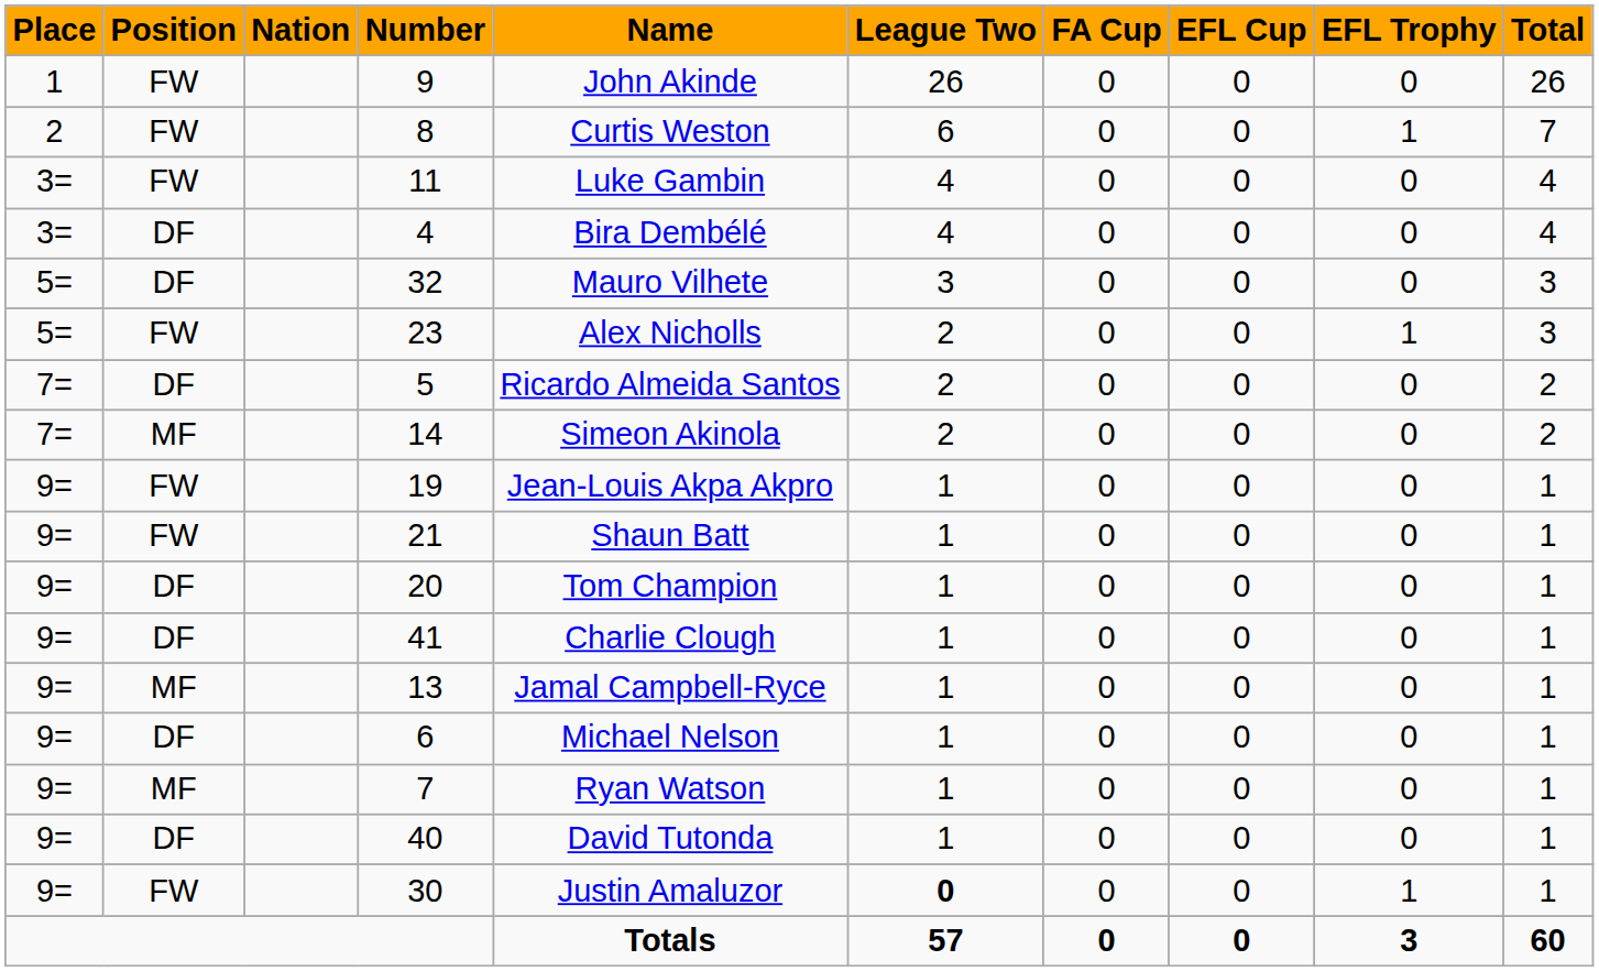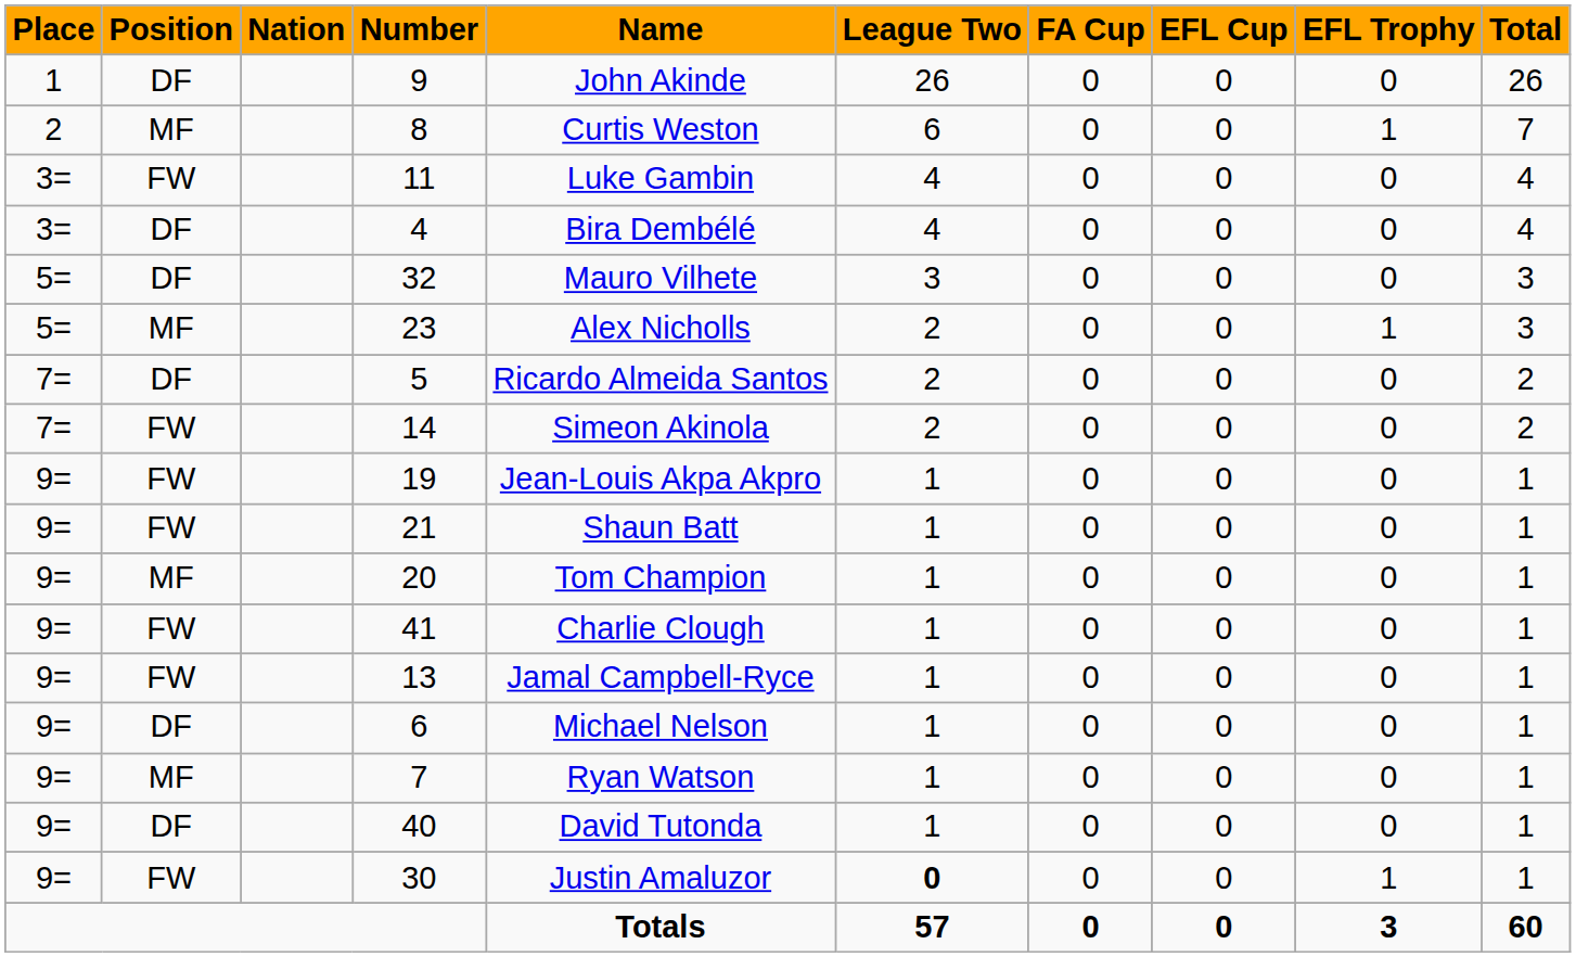 <table class="wikitable" style="width=100%; text-align:center;">
 <tr>
 <th style="background:orange; color:black;width=8%">Place</th>
 <th style="background:orange; color:black;width=8%">Position</th>
 <th style="background:orange; color:black;width=8%">Nation</th>
 <th style="background:orange; color:black;width=8%">Number</th>
 <th style="background:orange; color:black;width=14%">Name</th>
 <th style="background:orange; color:black;width=120">League Two</th>
 <th style="background:orange; color:black;width=120">FA Cup</th>
 <th style="background:orange; color:black;width=120">EFL Cup</th>
 <th style="background:orange; color:black;width=120">EFL Trophy</th>
 <th style="background:orange; color:black;width=120">Total</th>
 </tr>
 <tr>
 <td>1</td>
-<td>FW</td>
+<td>DF</td>
 <td></td>
 <td>9</td>
 <td><a href='#'>John Akinde</a></td>
 <td>26</td>
 <td>0</td>
 <td>0</td>
 <td>0</td>
 <td>26</td>
 </tr>
 <tr>
 <td>2</td>
-<td>FW</td>
+<td>MF</td>
 <td></td>
 <td>8</td>
 <td><a href='#'>Curtis Weston</a></td>
 <td>6</td>
 <td>0</td>
 <td>0</td>
 <td>1</td>
 <td>7</td>
 </tr>
 <tr>
 <td>3=</td>
 <td>FW</td>
 <td></td>
 <td>11</td>
 <td><a href='#'>Luke Gambin</a></td>
 <td>4</td>
 <td>0</td>
 <td>0</td>
 <td>0</td>
 <td>4</td>
 </tr>
 <tr>
 <td>3=</td>
 <td>DF</td>
 <td></td>
 <td>4</td>
 <td><a href='#'>Bira Dembélé</a></td>
 <td>4</td>
 <td>0</td>
 <td>0</td>
 <td>0</td>
 <td>4</td>
 </tr>
 <tr>
 <td>5=</td>
 <td>DF</td>
 <td></td>
 <td>32</td>
 <td><a href='#'>Mauro Vilhete</a></td>
 <td>3</td>
 <td>0</td>
 <td>0</td>
 <td>0</td>
 <td>3</td>
 </tr>
 <tr>
 <td>5=</td>
-<td>FW</td>
+<td>MF</td>
 <td></td>
 <td>23</td>
 <td><a href='#'>Alex Nicholls</a></td>
 <td>2</td>
 <td>0</td>
 <td>0</td>
 <td>1</td>
 <td>3</td>
 </tr>
 <tr>
 <td>7=</td>
 <td>DF</td>
 <td></td>
 <td>5</td>
 <td><a href='#'>Ricardo Almeida Santos</a></td>
 <td>2</td>
 <td>0</td>
 <td>0</td>
 <td>0</td>
 <td>2</td>
 </tr>
 <tr>
 <td>7=</td>
-<td>MF</td>
+<td>FW</td>
 <td></td>
 <td>14</td>
 <td><a href='#'>Simeon Akinola</a></td>
 <td>2</td>
 <td>0</td>
 <td>0</td>
 <td>0</td>
 <td>2</td>
 </tr>
 <tr>
 <td>9=</td>
 <td>FW</td>
 <td></td>
 <td>19</td>
 <td><a href='#'>Jean-Louis Akpa Akpro</a></td>
 <td>1</td>
 <td>0</td>
 <td>0</td>
 <td>0</td>
 <td>1</td>
 </tr>
 <tr>
 <td>9=</td>
 <td>FW</td>
 <td></td>
 <td>21</td>
 <td><a href='#'>Shaun Batt</a></td>
 <td>1</td>
 <td>0</td>
 <td>0</td>
 <td>0</td>
 <td>1</td>
 </tr>
 <tr>
 <td>9=</td>
-<td>DF</td>
+<td>MF</td>
 <td></td>
 <td>20</td>
 <td><a href='#'>Tom Champion</a></td>
 <td>1</td>
 <td>0</td>
 <td>0</td>
 <td>0</td>
 <td>1</td>
 </tr>
 <tr>
 <td>9=</td>
-<td>DF</td>
+<td>FW</td>
 <td></td>
 <td>41</td>
 <td><a href='#'>Charlie Clough</a></td>
 <td>1</td>
 <td>0</td>
 <td>0</td>
 <td>0</td>
 <td>1</td>
 </tr>
 <tr>
 <td>9=</td>
-<td>MF</td>
+<td>FW</td>
 <td></td>
 <td>13</td>
 <td><a href='#'>Jamal Campbell-Ryce</a></td>
 <td>1</td>
 <td>0</td>
 <td>0</td>
 <td>0</td>
 <td>1</td>
 </tr>
 <tr>
 <td>9=</td>
 <td>DF</td>
 <td></td>
 <td>6</td>
 <td><a href='#'>Michael Nelson</a></td>
 <td>1</td>
 <td>0</td>
 <td>0</td>
 <td>0</td>
 <td>1</td>
 </tr>
 <tr>
 <td>9=</td>
 <td>MF</td>
 <td></td>
 <td>7</td>
 <td><a href='#'>Ryan Watson</a></td>
 <td>1</td>
 <td>0</td>
 <td>0</td>
 <td>0</td>
 <td>1</td>
 </tr>
 <tr>
 <td>9=</td>
 <td>DF</td>
 <td></td>
 <td>40</td>
 <td><a href='#'>David Tutonda</a></td>
 <td>1</td>
 <td>0</td>
 <td>0</td>
 <td>0</td>
 <td>1</td>
 </tr>
 <tr>
 <td>9=</td>
 <td>FW</td>
 <td></td>
 <td>30</td>
 <td><a href='#'>Justin Amaluzor</a></td>
 <td><strong>0</strong></td>
 <td>0</td>
 <td>0</td>
 <td>1</td>
 <td>1</td>
 </tr>
 <tr>
 <td colspan="4"></td>
 <td><strong>Totals</strong></td>
 <td><strong>57</strong></td>
 <td><strong>0</strong></td>
 <td><strong>0</strong></td>
 <td><strong>3</strong></td>
 <td><strong>60</strong></td>
 </tr>
 </table>
